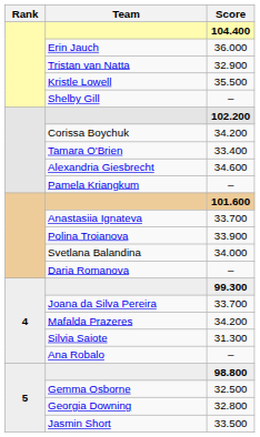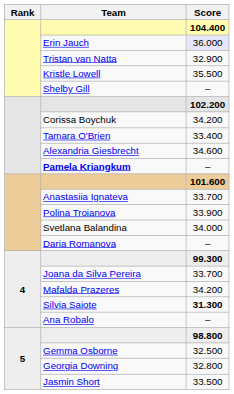 <table class="wikitable" style="text-align:center; font-size:95%">
 <tr>
 <th style="width:50px;">Rank</th>
 <th style="width:220px;">Team</th>
 <th style="width:60px;">Score</th>
 </tr>
 <tr style="background:#fffcaf;">
 <td rowspan=5></td>
 <td style="text-align:left;"><strong></strong></td>
 <td><strong>104.400</strong></td>
 </tr>
 <tr>
 <td style="text-align:left;"><a href='#'>Erin Jauch</a></td>
-<td>36.000</td>
+<td style="background: lavender;">36.000</td>
 </tr>
 <tr>
 <td style="text-align:left;"><a href='#'>Tristan van Natta</a></td>
 <td>32.900</td>
 </tr>
 <tr>
 <td style="text-align:left;"><a href='#'>Kristle Lowell</a></td>
 <td>35.500</td>
 </tr>
 <tr>
 <td style="text-align:left;"><a href='#'>Shelby Gill</a></td>
 <td>–</td>
 </tr>
 <tr style="background:#e5e5e5;">
 <td rowspan=5></td>
 <td style="text-align:left;"><strong></strong></td>
 <td><strong>102.200</strong></td>
 </tr>
 <tr>
 <td style="text-align:left;">Corissa Boychuk</td>
 <td>34.200</td>
 </tr>
 <tr>
 <td style="text-align:left;"><a href='#'>Tamara O'Brien</a></td>
 <td>33.400</td>
 </tr>
 <tr>
 <td style="text-align:left;"><a href='#'>Alexandria Giesbrecht</a></td>
 <td>34.600</td>
 </tr>
 <tr>
-<td style="text-align:left;"><a href='#'>Pamela Kriangkum</a></td>
+<td style="text-align:left;"><strong><a href='#'>Pamela Kriangkum</a></strong></td>
 <td>–</td>
 </tr>
 <tr style="background:#ec9;">
 <td rowspan=5></td>
 <td style="text-align:left;"><strong></strong></td>
 <td><strong>101.600</strong></td>
 </tr>
 <tr>
 <td style="text-align:left;"><a href='#'>Anastasiia Ignateva</a></td>
 <td>33.700</td>
 </tr>
 <tr>
 <td style="text-align:left;"><a href='#'>Polina Troianova</a></td>
 <td>33.900</td>
 </tr>
 <tr>
 <td style="text-align:left;">Svetlana Balandina</td>
 <td>34.000</td>
 </tr>
 <tr>
 <td style="text-align:left;"><a href='#'>Daria Romanova</a></td>
 <td>–</td>
 </tr>
 <tr style="background:#eee;">
 <td rowspan=5><strong>4</strong></td>
 <td style="text-align:left;"><strong></strong></td>
 <td><strong>99.300</strong></td>
 </tr>
 <tr>
 <td style="text-align:left;"><a href='#'>Joana da Silva Pereira</a></td>
 <td>33.700</td>
 </tr>
 <tr>
 <td style="text-align:left;"><a href='#'>Mafalda Prazeres</a></td>
 <td>34.200</td>
 </tr>
 <tr>
 <td style="text-align:left;"><a href='#'>Silvia Saiote</a></td>
-<td>31.300</td>
+<td><strong>31.300</strong></td>
 </tr>
 <tr>
 <td style="text-align:left;"><a href='#'>Ana Robalo</a></td>
 <td>–</td>
 </tr>
 <tr style="background:#eee;">
 <td rowspan=4><strong>5</strong></td>
 <td style="text-align:left;"><strong></strong></td>
 <td><strong>98.800</strong></td>
 </tr>
 <tr>
 <td style="text-align:left;"><a href='#'>Gemma Osborne</a></td>
 <td>32.500</td>
 </tr>
 <tr>
 <td style="text-align:left;"><a href='#'>Georgia Downing</a></td>
 <td>32.800</td>
 </tr>
 <tr>
 <td style="text-align:left;"><a href='#'>Jasmin Short</a></td>
 <td>33.500</td>
 </tr>
 </table>
